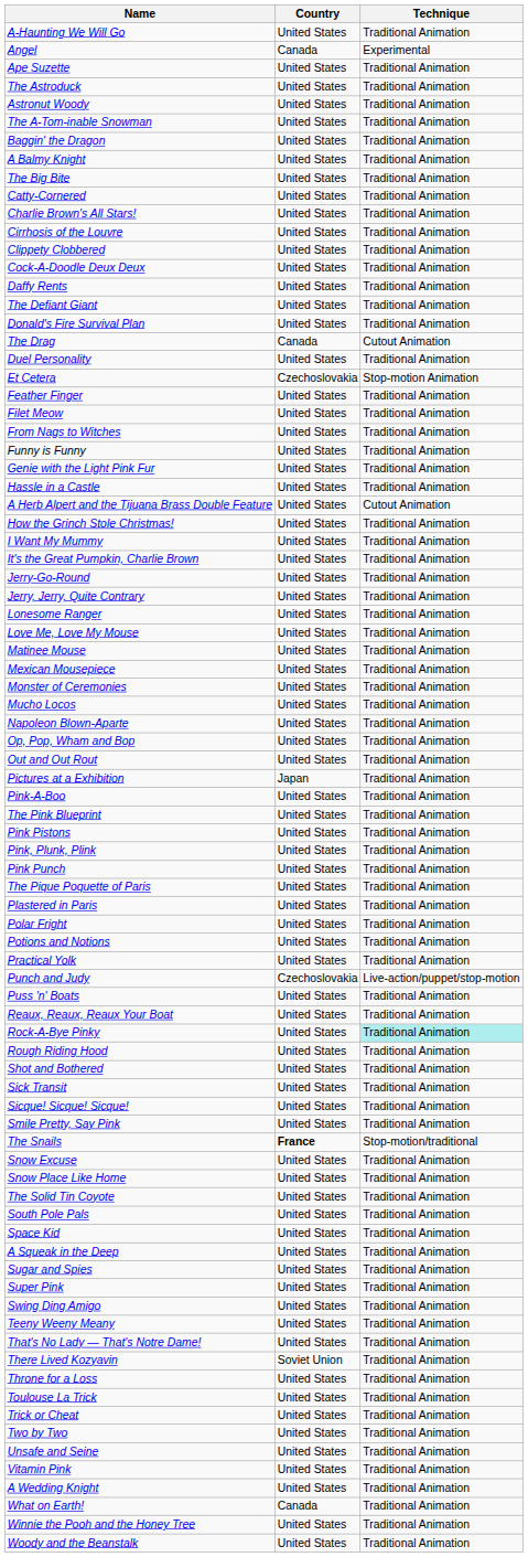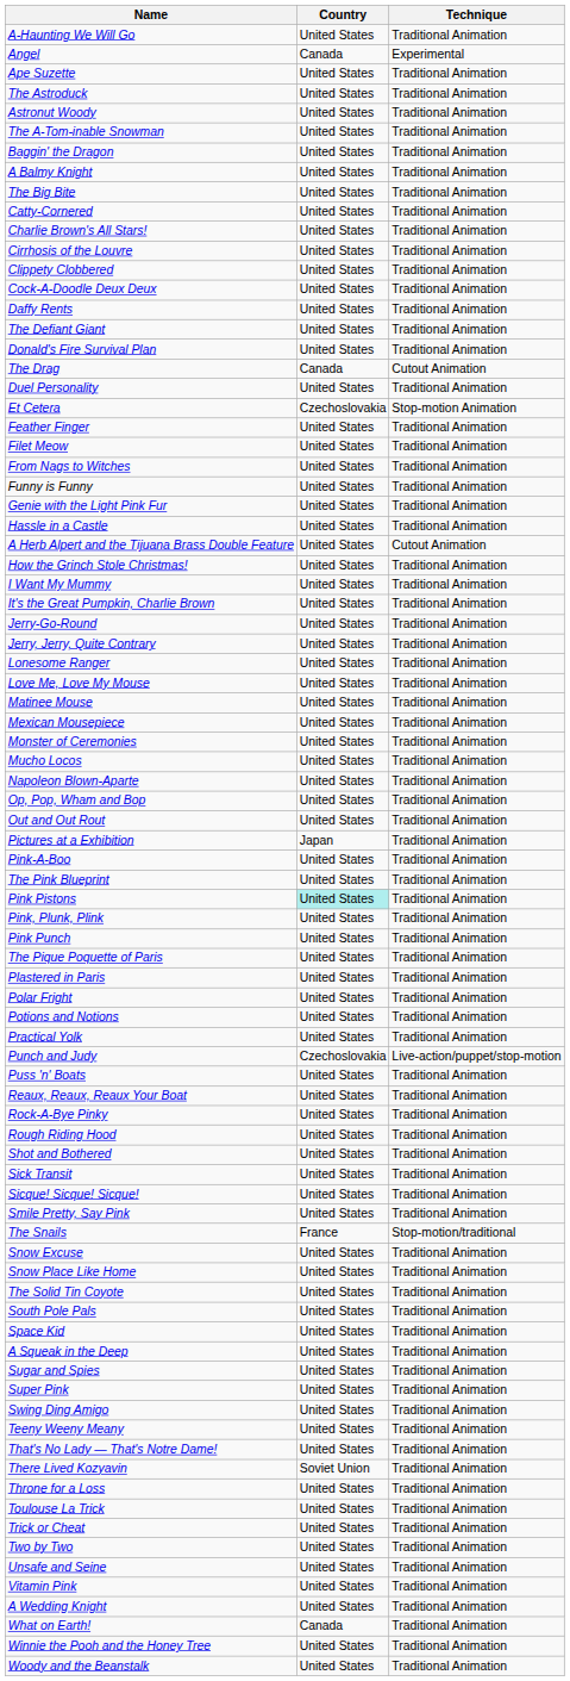 <table class="wikitable sortable">
 <tr>
 <th>Name</th>
 <th>Country</th>
 <th>Technique</th>
 </tr>
 <tr>
 <td><em><a href='#'>A-Haunting We Will Go</a></em></td>
 <td>United States</td>
 <td>Traditional Animation</td>
 </tr>
 <tr>
 <td><em><a href='#'>Angel</a></em></td>
 <td>Canada</td>
 <td>Experimental</td>
 </tr>
 <tr>
 <td><em><a href='#'>Ape Suzette</a></em></td>
 <td>United States</td>
 <td>Traditional Animation</td>
 </tr>
 <tr>
 <td><em><a href='#'>The Astroduck</a></em></td>
 <td>United States</td>
 <td>Traditional Animation</td>
 </tr>
 <tr>
 <td><em><a href='#'>Astronut Woody</a></em></td>
 <td>United States</td>
 <td>Traditional Animation</td>
 </tr>
 <tr>
 <td><em><a href='#'>The A-Tom-inable Snowman</a></em></td>
 <td>United States</td>
 <td>Traditional Animation</td>
 </tr>
 <tr>
 <td><em><a href='#'>Baggin' the Dragon</a></em></td>
 <td>United States</td>
 <td>Traditional Animation</td>
 </tr>
 <tr>
 <td><em><a href='#'>A Balmy Knight</a></em></td>
 <td>United States</td>
 <td>Traditional Animation</td>
 </tr>
 <tr>
 <td><em><a href='#'>The Big Bite</a></em></td>
 <td>United States</td>
 <td>Traditional Animation</td>
 </tr>
 <tr>
 <td><em><a href='#'>Catty-Cornered</a></em></td>
 <td>United States</td>
 <td>Traditional Animation</td>
 </tr>
 <tr>
 <td><em><a href='#'>Charlie Brown's All Stars!</a></em></td>
 <td>United States</td>
 <td>Traditional Animation</td>
 </tr>
 <tr>
 <td><em><a href='#'>Cirrhosis of the Louvre</a></em></td>
 <td>United States</td>
 <td>Traditional Animation</td>
 </tr>
 <tr>
 <td><em><a href='#'>Clippety Clobbered</a></em></td>
 <td>United States</td>
 <td>Traditional Animation</td>
 </tr>
 <tr>
 <td><em><a href='#'>Cock-A-Doodle Deux Deux</a></em></td>
 <td>United States</td>
 <td>Traditional Animation</td>
 </tr>
 <tr>
 <td><em><a href='#'>Daffy Rents</a></em></td>
 <td>United States</td>
 <td>Traditional Animation</td>
 </tr>
 <tr>
 <td><em><a href='#'>The Defiant Giant</a></em></td>
 <td>United States</td>
 <td>Traditional Animation</td>
 </tr>
 <tr>
 <td><em><a href='#'>Donald's Fire Survival Plan</a></em></td>
 <td>United States</td>
 <td>Traditional Animation</td>
 </tr>
 <tr>
 <td><em><a href='#'>The Drag</a></em></td>
 <td>Canada</td>
 <td>Cutout Animation</td>
 </tr>
 <tr>
 <td><em><a href='#'>Duel Personality</a></em></td>
 <td>United States</td>
 <td>Traditional Animation</td>
 </tr>
 <tr>
 <td><em><a href='#'>Et Cetera</a></em></td>
 <td>Czechoslovakia</td>
 <td>Stop-motion Animation</td>
 </tr>
 <tr>
 <td><em><a href='#'>Feather Finger</a></em></td>
 <td>United States</td>
 <td>Traditional Animation</td>
 </tr>
 <tr>
 <td><em><a href='#'>Filet Meow</a></em></td>
 <td>United States</td>
 <td>Traditional Animation</td>
 </tr>
 <tr>
 <td><em><a href='#'>From Nags to Witches</a></em></td>
 <td>United States</td>
 <td>Traditional Animation</td>
 </tr>
 <tr>
 <td><em>Funny is Funny</em></td>
 <td>United States</td>
 <td>Traditional Animation</td>
 </tr>
 <tr>
 <td><em><a href='#'>Genie with the Light Pink Fur</a></em></td>
 <td>United States</td>
 <td>Traditional Animation</td>
 </tr>
 <tr>
 <td><em><a href='#'>Hassle in a Castle</a></em></td>
 <td>United States</td>
 <td>Traditional Animation</td>
 </tr>
 <tr>
 <td><em><a href='#'>A Herb Alpert and the Tijuana Brass Double Feature</a></em></td>
 <td>United States</td>
 <td>Cutout Animation</td>
 </tr>
 <tr>
 <td><em><a href='#'>How the Grinch Stole Christmas!</a></em></td>
 <td>United States</td>
 <td>Traditional Animation</td>
 </tr>
 <tr>
 <td><em><a href='#'>I Want My Mummy</a></em></td>
 <td>United States</td>
 <td>Traditional Animation</td>
 </tr>
 <tr>
 <td><em><a href='#'>It's the Great Pumpkin, Charlie Brown</a></em></td>
 <td>United States</td>
 <td>Traditional Animation</td>
 </tr>
 <tr>
 <td><em><a href='#'>Jerry-Go-Round</a></em></td>
 <td>United States</td>
 <td>Traditional Animation</td>
 </tr>
 <tr>
 <td><em><a href='#'>Jerry, Jerry, Quite Contrary</a></em></td>
 <td>United States</td>
 <td>Traditional Animation</td>
 </tr>
 <tr>
 <td><em><a href='#'>Lonesome Ranger</a></em></td>
 <td>United States</td>
 <td>Traditional Animation</td>
 </tr>
 <tr>
 <td><em><a href='#'>Love Me, Love My Mouse</a></em></td>
 <td>United States</td>
 <td>Traditional Animation</td>
 </tr>
 <tr>
 <td><em><a href='#'>Matinee Mouse</a></em></td>
 <td>United States</td>
 <td>Traditional Animation</td>
 </tr>
 <tr>
 <td><em><a href='#'>Mexican Mousepiece</a></em></td>
 <td>United States</td>
 <td>Traditional Animation</td>
 </tr>
 <tr>
 <td><em><a href='#'>Monster of Ceremonies</a></em></td>
 <td>United States</td>
 <td>Traditional Animation</td>
 </tr>
 <tr>
 <td><em><a href='#'>Mucho Locos</a></em></td>
 <td>United States</td>
 <td>Traditional Animation</td>
 </tr>
 <tr>
 <td><em><a href='#'>Napoleon Blown-Aparte</a></em></td>
 <td>United States</td>
 <td>Traditional Animation</td>
 </tr>
 <tr>
 <td><em><a href='#'>Op, Pop, Wham and Bop</a></em></td>
 <td>United States</td>
 <td>Traditional Animation</td>
 </tr>
 <tr>
 <td><em><a href='#'>Out and Out Rout</a></em></td>
 <td>United States</td>
 <td>Traditional Animation</td>
 </tr>
 <tr>
 <td><em><a href='#'>Pictures at a Exhibition</a></em></td>
 <td>Japan</td>
 <td>Traditional Animation</td>
 </tr>
 <tr>
 <td><em><a href='#'>Pink-A-Boo</a></em></td>
 <td>United States</td>
 <td>Traditional Animation</td>
 </tr>
 <tr>
 <td><em><a href='#'>The Pink Blueprint</a></em></td>
 <td>United States</td>
 <td>Traditional Animation</td>
 </tr>
 <tr>
 <td><em><a href='#'>Pink Pistons</a></em></td>
-<td>United States</td>
+<td style="background: paleturquoise;">United States</td>
 <td>Traditional Animation</td>
 </tr>
 <tr>
 <td><em><a href='#'>Pink, Plunk, Plink</a></em></td>
 <td>United States</td>
 <td>Traditional Animation</td>
 </tr>
 <tr>
 <td><em><a href='#'>Pink Punch</a></em></td>
 <td>United States</td>
 <td>Traditional Animation</td>
 </tr>
 <tr>
 <td><em><a href='#'>The Pique Poquette of Paris</a></em></td>
 <td>United States</td>
 <td>Traditional Animation</td>
 </tr>
 <tr>
 <td><em><a href='#'>Plastered in Paris</a></em></td>
 <td>United States</td>
 <td>Traditional Animation</td>
 </tr>
 <tr>
 <td><em><a href='#'>Polar Fright</a></em></td>
 <td>United States</td>
 <td>Traditional Animation</td>
 </tr>
 <tr>
 <td><em><a href='#'>Potions and Notions</a></em></td>
 <td>United States</td>
 <td>Traditional Animation</td>
 </tr>
 <tr>
 <td><em><a href='#'>Practical Yolk</a></em></td>
 <td>United States</td>
 <td>Traditional Animation</td>
 </tr>
 <tr>
 <td><em><a href='#'>Punch and Judy</a></em></td>
 <td>Czechoslovakia</td>
 <td>Live-action/puppet/stop-motion</td>
 </tr>
 <tr>
 <td><em><a href='#'>Puss 'n' Boats</a></em></td>
 <td>United States</td>
 <td>Traditional Animation</td>
 </tr>
 <tr>
 <td><em><a href='#'>Reaux, Reaux, Reaux Your Boat</a></em></td>
 <td>United States</td>
 <td>Traditional Animation</td>
 </tr>
 <tr>
 <td><em><a href='#'>Rock-A-Bye Pinky</a></em></td>
 <td>United States</td>
-<td style="background: paleturquoise;">Traditional Animation</td>
+<td>Traditional Animation</td>
 </tr>
 <tr>
 <td><em><a href='#'>Rough Riding Hood</a></em></td>
 <td>United States</td>
 <td>Traditional Animation</td>
 </tr>
 <tr>
 <td><em><a href='#'>Shot and Bothered</a></em></td>
 <td>United States</td>
 <td>Traditional Animation</td>
 </tr>
 <tr>
 <td><em><a href='#'>Sick Transit</a></em></td>
 <td>United States</td>
 <td>Traditional Animation</td>
 </tr>
 <tr>
 <td><em><a href='#'>Sicque! Sicque! Sicque!</a></em></td>
 <td>United States</td>
 <td>Traditional Animation</td>
 </tr>
 <tr>
 <td><em><a href='#'>Smile Pretty, Say Pink</a></em></td>
 <td>United States</td>
 <td>Traditional Animation</td>
 </tr>
 <tr>
 <td><em><a href='#'>The Snails</a></em></td>
-<td><strong>France</strong></td>
+<td>France</td>
 <td>Stop-motion/traditional</td>
 </tr>
 <tr>
 <td><em><a href='#'>Snow Excuse</a></em></td>
 <td>United States</td>
 <td>Traditional Animation</td>
 </tr>
 <tr>
 <td><em><a href='#'>Snow Place Like Home</a></em></td>
 <td>United States</td>
 <td>Traditional Animation</td>
 </tr>
 <tr>
 <td><em><a href='#'>The Solid Tin Coyote</a></em></td>
 <td>United States</td>
 <td>Traditional Animation</td>
 </tr>
 <tr>
 <td><em><a href='#'>South Pole Pals</a></em></td>
 <td>United States</td>
 <td>Traditional Animation</td>
 </tr>
 <tr>
 <td><em><a href='#'>Space Kid</a></em></td>
 <td>United States</td>
 <td>Traditional Animation</td>
 </tr>
 <tr>
 <td><em><a href='#'>A Squeak in the Deep</a></em></td>
 <td>United States</td>
 <td>Traditional Animation</td>
 </tr>
 <tr>
 <td><em><a href='#'>Sugar and Spies</a></em></td>
 <td>United States</td>
 <td>Traditional Animation</td>
 </tr>
 <tr>
 <td><em><a href='#'>Super Pink</a></em></td>
 <td>United States</td>
 <td>Traditional Animation</td>
 </tr>
 <tr>
 <td><em><a href='#'>Swing Ding Amigo</a></em></td>
 <td>United States</td>
 <td>Traditional Animation</td>
 </tr>
 <tr>
 <td><em><a href='#'>Teeny Weeny Meany</a></em></td>
 <td>United States</td>
 <td>Traditional Animation</td>
 </tr>
 <tr>
 <td><em><a href='#'>That's No Lady — That's Notre Dame!</a></em></td>
 <td>United States</td>
 <td>Traditional Animation</td>
 </tr>
 <tr>
 <td><em><a href='#'>There Lived Kozyavin</a></em></td>
 <td>Soviet Union</td>
 <td>Traditional Animation</td>
 </tr>
 <tr>
 <td><em><a href='#'>Throne for a Loss</a></em></td>
 <td>United States</td>
 <td>Traditional Animation</td>
 </tr>
 <tr>
 <td><em><a href='#'>Toulouse La Trick</a></em></td>
 <td>United States</td>
 <td>Traditional Animation</td>
 </tr>
 <tr>
 <td><em><a href='#'>Trick or Cheat</a></em></td>
 <td>United States</td>
 <td>Traditional Animation</td>
 </tr>
 <tr>
 <td><em><a href='#'>Two by Two</a></em></td>
 <td>United States</td>
 <td>Traditional Animation</td>
 </tr>
 <tr>
 <td><em><a href='#'>Unsafe and Seine</a></em></td>
 <td>United States</td>
 <td>Traditional Animation</td>
 </tr>
 <tr>
 <td><em><a href='#'>Vitamin Pink</a></em></td>
 <td>United States</td>
 <td>Traditional Animation</td>
 </tr>
 <tr>
 <td><em><a href='#'>A Wedding Knight</a></em></td>
 <td>United States</td>
 <td>Traditional Animation</td>
 </tr>
 <tr>
 <td><em><a href='#'>What on Earth!</a></em></td>
 <td>Canada</td>
 <td>Traditional Animation</td>
 </tr>
 <tr>
 <td><em><a href='#'>Winnie the Pooh and the Honey Tree</a></em></td>
 <td>United States</td>
 <td>Traditional Animation</td>
 </tr>
 <tr>
 <td><em><a href='#'>Woody and the Beanstalk</a></em></td>
 <td>United States</td>
 <td>Traditional Animation</td>
 </tr>
 </table>
